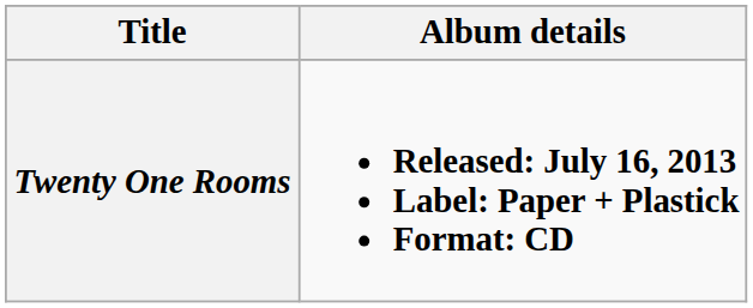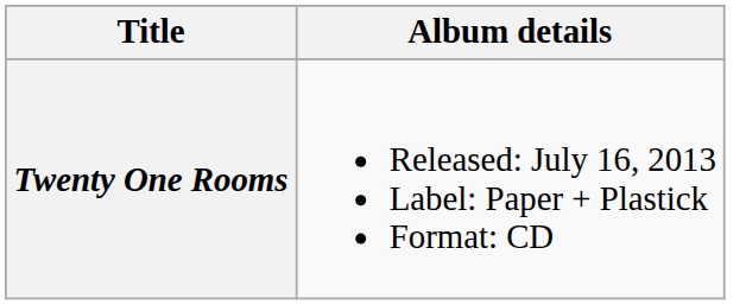 <table class="wikitable plainrowheaders">
 <tr>
 <th scope="col">Title</th>
 <th scope="col">Album details</th>
 </tr>
 <tr>
 <th scope="row"><em>Twenty One Rooms</em></th>
-<td><strong><br><ul><li>Released: July 16, 2013</li><li>Label: Paper + Plastick</li><li>Format: CD</li></ul></strong></td>
+<td><br><ul><li>Released: July 16, 2013</li><li>Label: Paper + Plastick</li><li>Format: CD</li></ul></td>
 </tr>
 </table>
